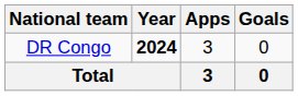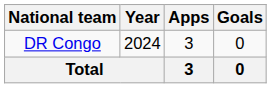 <table class=wikitable style=text-align:center>
 <tr>
 <th>National team</th>
 <th>Year</th>
 <th>Apps</th>
 <th>Goals</th>
 </tr>
 <tr>
 <td><a href='#'>DR Congo</a></td>
-<td><strong>2024</strong></td>
+<td>2024</td>
 <td>3</td>
 <td>0</td>
 </tr>
 <tr>
 <th colspan="2">Total</th>
 <th>3</th>
 <th>0</th>
 </tr>
 </table>
